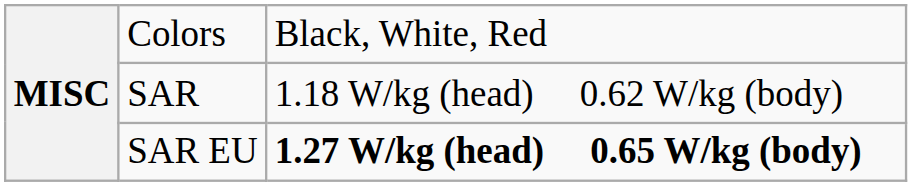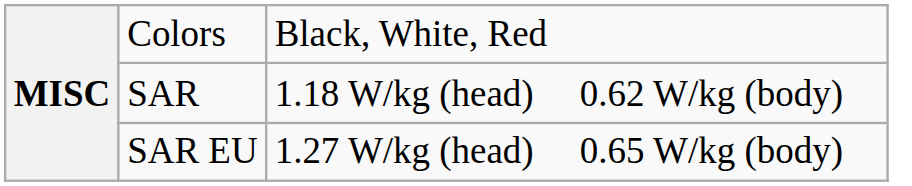 <table class="wikitable">
 <tr>
 <th rowspan="5">MISC</th>
 <td>Colors</td>
 <td>Black, White, Red</td>
 </tr>
 <tr>
 <td>SAR</td>
 <td>1.18 W/kg (head)     0.62 W/kg (body)    </td>
 </tr>
 <tr>
 <td>SAR EU</td>
-<td><strong>1.27 W/kg (head)     0.65 W/kg (body)    </strong></td>
+<td>1.27 W/kg (head)     0.65 W/kg (body)    </td>
 </tr>
 </table>
